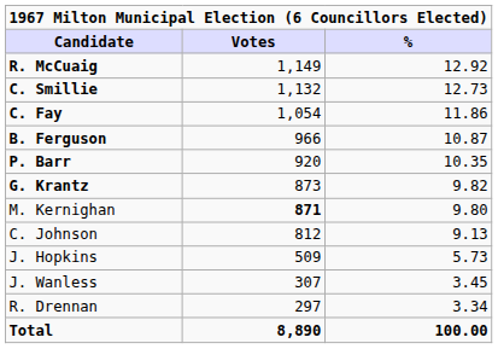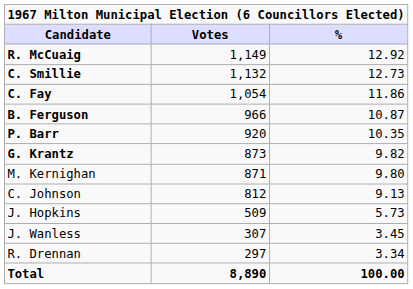 <table class="wikitable sortable">
 <tr>
 <td colspan="3" style="text-align:center;"><strong>1967 Milton Municipal Election (6 Councillors Elected)</strong></td>
 </tr>
 <tr>
 <th style="background:#ddf; width:150px;">Candidate</th>
 <th style="background:#ddf;">Votes</th>
 <th style="background:#ddf;">%</th>
 </tr>
 <tr>
 <td><strong>R. McCuaig</strong></td>
 <td align=right>1,149</td>
 <td align=right>12.92</td>
 </tr>
 <tr>
 <td><strong>C. Smillie</strong></td>
 <td align=right>1,132</td>
 <td align=right>12.73</td>
 </tr>
 <tr>
 <td><strong>C. Fay</strong></td>
 <td align=right>1,054</td>
 <td align=right>11.86</td>
 </tr>
 <tr>
 <td><strong>B. Ferguson</strong></td>
 <td align=right>966</td>
 <td align=right>10.87</td>
 </tr>
 <tr>
 <td><strong>P. Barr</strong></td>
 <td align=right>920</td>
 <td align=right>10.35</td>
 </tr>
 <tr>
 <td><strong>G. Krantz</strong></td>
 <td align=right>873</td>
 <td align=right>9.82</td>
 </tr>
 <tr>
 <td>M. Kernighan</td>
-<td align=right><strong>871</strong></td>
+<td align=right>871</td>
 <td align=right>9.80</td>
 </tr>
 <tr>
 <td>C. Johnson</td>
 <td align=right>812</td>
 <td align=right>9.13</td>
 </tr>
 <tr>
 <td>J. Hopkins</td>
 <td align=right>509</td>
 <td align=right>5.73</td>
 </tr>
 <tr>
 <td>J. Wanless</td>
 <td align=right>307</td>
 <td align=right>3.45</td>
 </tr>
 <tr>
 <td>R. Drennan</td>
 <td align=right>297</td>
 <td align=right>3.34</td>
 </tr>
 <tr>
 <td><strong>Total</strong></td>
 <td align=right><strong>8,890</strong></td>
 <td align=right><strong>100.00</strong></td>
 </tr>
 </table>
